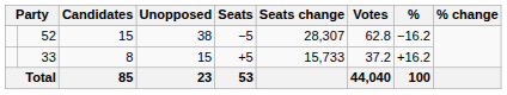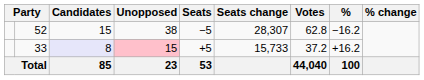 <table class="wikitable sortable">
 <tr>
 <th colspan=2>Party</th>
 <th>Candidates</th>
 <th>Unopposed</th>
 <th>Seats</th>
 <th>Seats change</th>
 <th>Votes</th>
 <th>%</th>
 <th>% change</th>
 </tr>
 <tr>
 <td></td>
 <td align=right>52</td>
 <td align=right>15</td>
 <td align=right>38</td>
 <td align=right>−5</td>
 <td align=right>28,307</td>
 <td align=right>62.8</td>
 <td align=right>−16.2</td>
 </tr>
 <tr>
 <td></td>
 <td align=right>33</td>
-<td align=right>8</td>
-<td align=right>15</td>
+<td align=right style="background: lavender;">8</td>
+<td align=right style="background: pink;">15</td>
 <td align=right>+5</td>
 <td align=right>15,733</td>
 <td align=right>37.2</td>
 <td align=right>+16.2</td>
 </tr>
 <tr class="sortbottom" style="font-weight: bold; text-align: right; background: #f2f2f2;">
 <th colspan="2" style="padding-left: 1.5em; text-align: left;">Total</th>
 <td align=right>85</td>
 <td align=right>23</td>
 <td align=right>53</td>
 <td align=right></td>
 <td align=right>44,040</td>
 <td align=right>100</td>
 <td align=right></td>
 </tr>
 </table>
